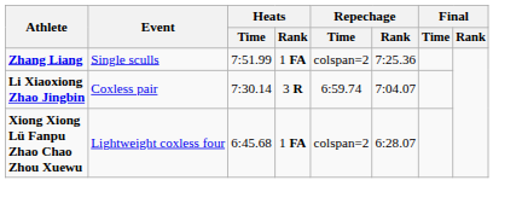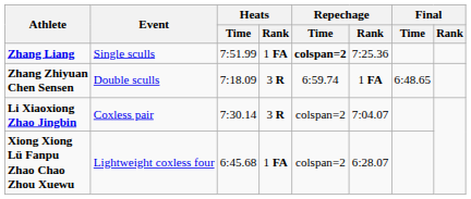 <table class=wikitable style=font-size:90%;text-align:center>
 <tr>
 <th rowspan=2>Athlete</th>
 <th rowspan=2>Event</th>
 <th colspan=2>Heats</th>
 <th colspan=2>Repechage</th>
 <th colspan=2>Final</th>
 </tr>
 <tr style="font-size:95%">
 <th>Time</th>
 <th>Rank</th>
 <th>Time</th>
 <th>Rank</th>
 <th>Time</th>
 <th>Rank</th>
 </tr>
 <tr>
 <td align=left><strong><a href='#'>Zhang Liang</a></strong></td>
 <td align=left><a href='#'>Single sculls</a></td>
 <td>7:51.99</td>
 <td>1 <strong>FA</strong></td>
-<td>colspan=2 </td>
+<td><strong>colspan=2 </strong></td>
 <td>7:25.36</td>
+<td></td>
+</tr>
+<tr>
+<td align=left><strong>Zhang Zhiyuan<br>Chen Sensen</strong></td>
+<td align=left><a href='#'>Double sculls</a></td>
+<td>7:18.09</td>
+<td>3 <strong>R</strong></td>
+<td>6:59.74</td>
+<td>1 <strong>FA</strong></td>
+<td>6:48.65</td>
 <td></td>
 </tr>
 <tr>
 <td align=left><strong>Li Xiaoxiong<br><a href='#'>Zhao Jingbin</a></strong></td>
 <td align=left><a href='#'>Coxless pair</a></td>
 <td>7:30.14</td>
 <td>3 <strong>R</strong></td>
-<td>6:59.74</td>
+<td>colspan=2 </td>
 <td>7:04.07</td>
 <td></td>
 </tr>
 <tr>
 <td align=left><strong>Xiong Xiong<br>Lü Fanpu<br>Zhao Chao<br>Zhou Xuewu</strong></td>
 <td align=left><a href='#'>Lightweight coxless four</a></td>
 <td>6:45.68</td>
 <td>1 <strong>FA</strong></td>
 <td>colspan=2 </td>
 <td>6:28.07</td>
 <td></td>
 </tr>
 </table>
